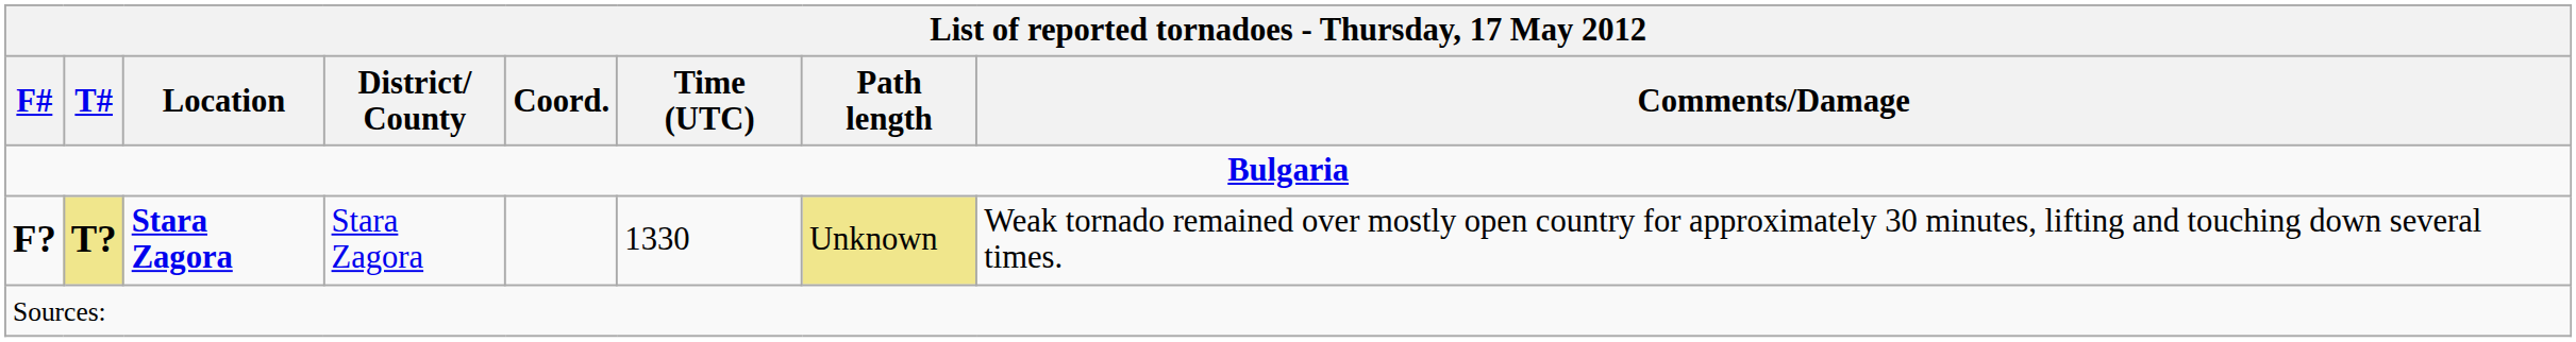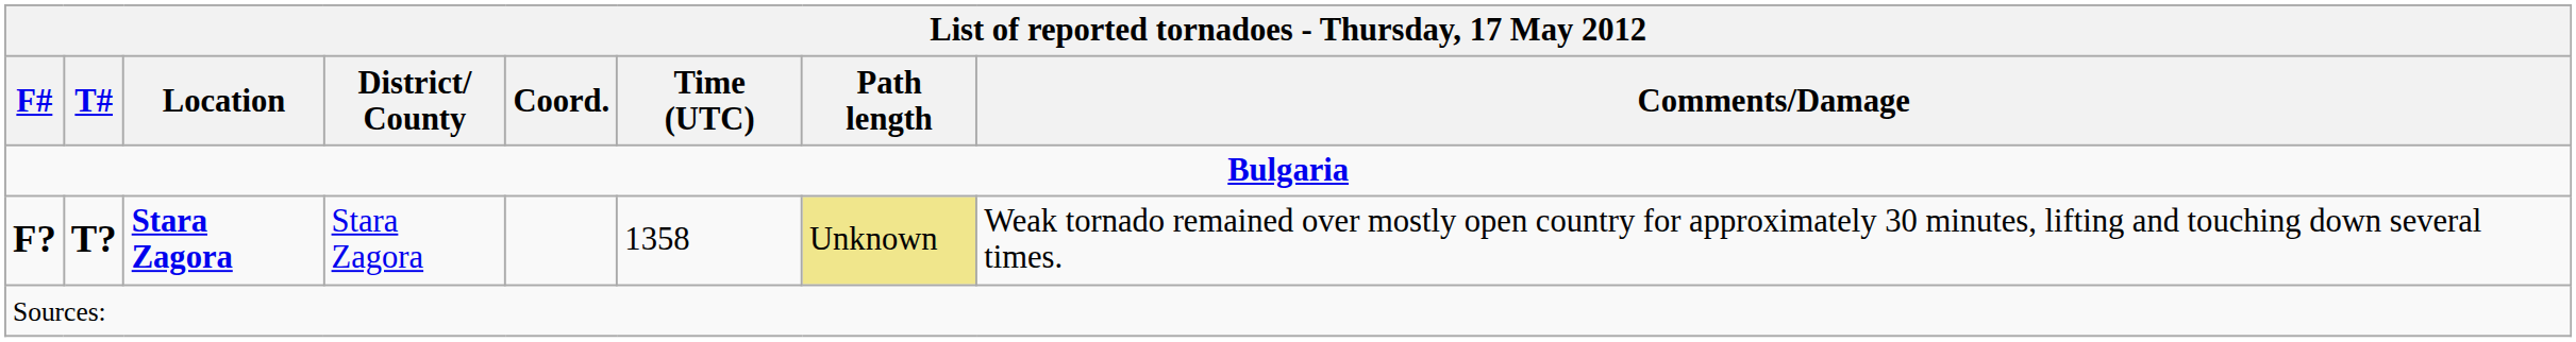 <table class="wikitable collapsible" width="100%">
 <tr>
 <th colspan="8">List of reported tornadoes - Thursday, 17 May 2012</th>
 </tr>
 <tr>
 <th><a href='#'>F#</a></th>
 <th><a href='#'>T#</a></th>
 <th>Location</th>
 <th>District/<br>County</th>
 <th>Coord.</th>
 <th>Time (UTC)</th>
 <th>Path length</th>
 <th>Comments/Damage</th>
 </tr>
 <tr>
 <td colspan="8" align=center><strong><a href='#'>Bulgaria</a></strong></td>
 </tr>
 <tr>
 <td><big><strong>F?</strong></big></td>
-<td style="background: khaki;"><big><strong>T?</strong></big></td>
+<td><big><strong>T?</strong></big></td>
 <td><strong><a href='#'>Stara Zagora</a></strong></td>
 <td><a href='#'>Stara Zagora</a></td>
 <td></td>
-<td>1330</td>
+<td>1358</td>
 <td style="background: khaki;">Unknown</td>
 <td>Weak tornado remained over mostly open country for approximately 30 minutes, lifting and touching down several times.</td>
 </tr>
 <tr>
 <td colspan="8"><small>Sources:  </small></td>
 </tr>
 </table>
